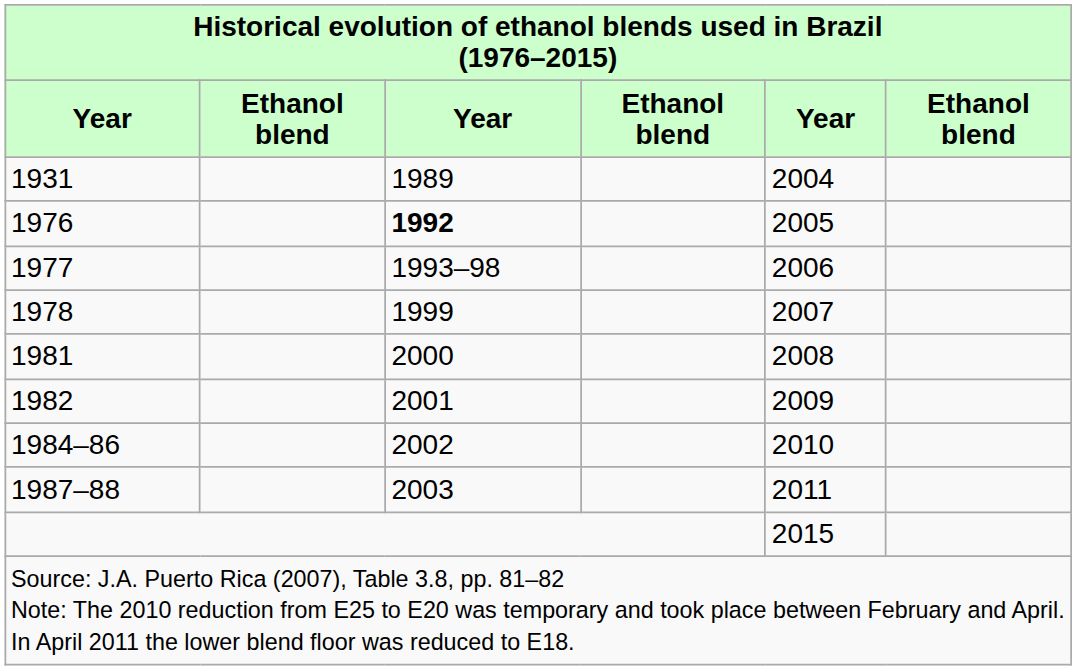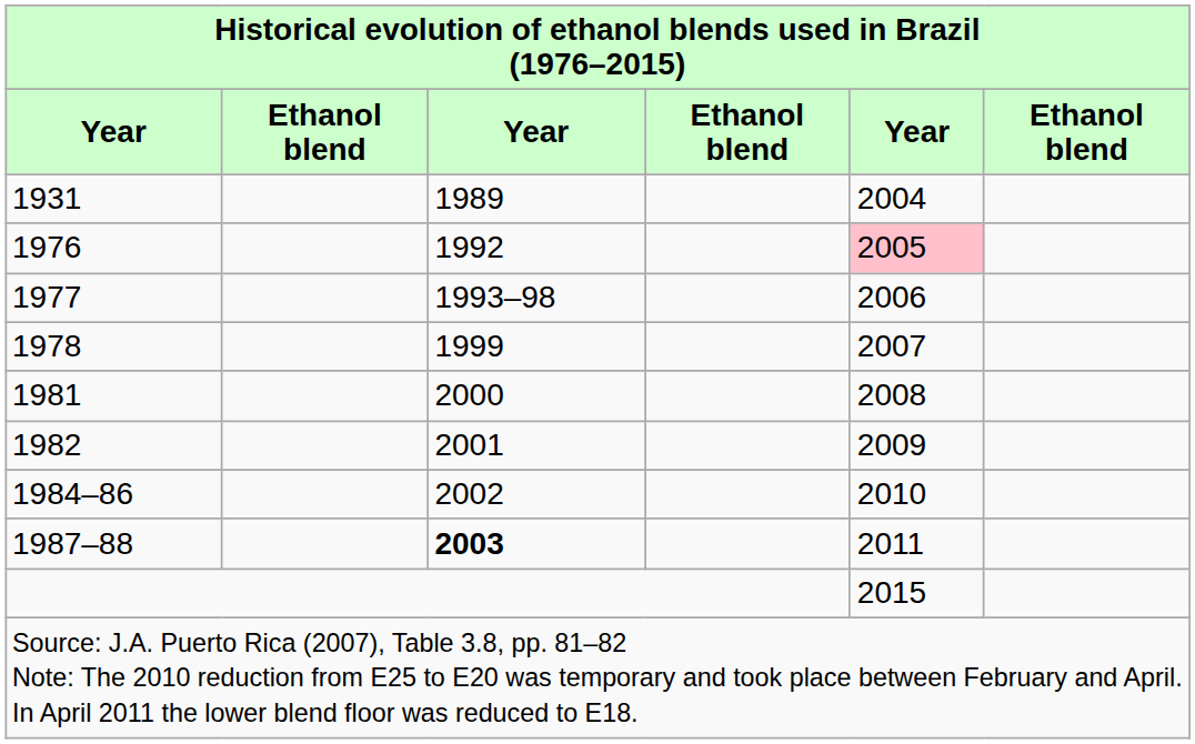 <table class="wikitable" style="float: right; margin-left: 10px">
 <tr>
 <th colspan="6"  style="text-align:center; background:#cfc;">Historical evolution of ethanol blends used in Brazil<br>  (1976–2015)</th>
 </tr>
 <tr>
 <th style="background:#cfc;">Year</th>
 <th style="background:#cfc;">Ethanol<br>blend</th>
 <th style="background:#cfc;">Year</th>
 <th style="background:#cfc;">Ethanol<br>blend</th>
 <th style="background:#cfc;">Year</th>
 <th style="background:#cfc;">Ethanol<br>blend</th>
 </tr>
 <tr>
 <td>1931</td>
 <td></td>
 <td>1989</td>
 <td></td>
 <td>2004</td>
 <td></td>
 </tr>
 <tr>
 <td>1976</td>
 <td></td>
-<td><strong>1992</strong></td>
+<td>1992</td>
 <td></td>
-<td>2005</td>
+<td style="background: pink;">2005</td>
 <td></td>
 </tr>
 <tr>
 <td>1977</td>
 <td></td>
 <td>1993–98</td>
 <td></td>
 <td>2006</td>
 <td></td>
 </tr>
 <tr>
 <td>1978</td>
 <td></td>
 <td>1999</td>
 <td></td>
 <td>2007</td>
 <td></td>
 </tr>
 <tr>
 <td>1981</td>
 <td></td>
 <td>2000</td>
 <td></td>
 <td>2008</td>
 <td></td>
 </tr>
 <tr>
 <td>1982</td>
 <td></td>
 <td>2001</td>
 <td></td>
 <td>2009</td>
 <td></td>
 </tr>
 <tr>
 <td>1984–86</td>
 <td></td>
 <td>2002</td>
 <td></td>
 <td>2010</td>
 <td></td>
 </tr>
 <tr>
 <td>1987–88</td>
 <td></td>
-<td>2003</td>
+<td><strong>2003</strong></td>
 <td></td>
 <td>2011</td>
 <td></td>
 </tr>
 <tr>
 <td colspan="4"></td>
 <td>2015</td>
 <td></td>
 </tr>
 <tr>
 <td colspan="6"><small>Source: J.A. Puerto Rica (2007), Table 3.8, pp. 81–82<br>Note: The 2010 reduction from E25 to E20 was temporary and took place between February and April.<br> In April 2011 the lower blend floor was reduced to E18.</small></td>
 </tr>
 </table>
